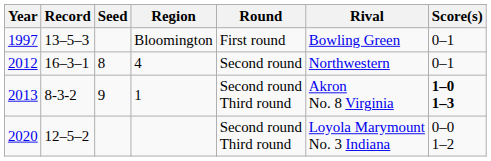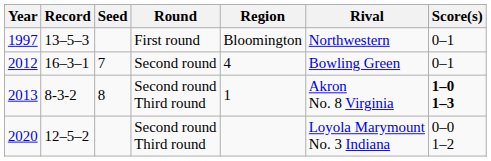 <table class="wikitable">
 <tr>
 <th width=px>Year</th>
 <th width=px>Record</th>
 <th width=px>Seed</th>
+<th width=px>Round</th>
 <th width=px>Region</th>
-<th width=px>Round</th>
 <th width=px>Rival</th>
 <th width=px>Score(s)</th>
 </tr>
 <tr>
 <td><a href='#'>1997</a></td>
 <td>13–5–3</td>
 <td></td>
+<td>First round</td>
 <td>Bloomington</td>
-<td>First round</td>
-<td><a href='#'>Bowling Green</a></td>
+<td><a href='#'>Northwestern</a></td>
 <td>0–1</td>
 </tr>
 <tr>
 <td><a href='#'>2012</a></td>
 <td>16–3–1</td>
-<td>8</td>
+<td>7</td>
+<td>Second round</td>
 <td>4</td>
-<td>Second round</td>
-<td><a href='#'>Northwestern</a></td>
+<td><a href='#'>Bowling Green</a></td>
 <td>0–1</td>
 </tr>
 <tr>
 <td><a href='#'>2013</a></td>
 <td>8-3-2</td>
-<td>9</td>
+<td>8</td>
+<td>Second round<br>Third round</td>
 <td>1</td>
-<td>Second round<br>Third round</td>
 <td><a href='#'>Akron</a><br>No. 8 <a href='#'>Virginia</a></td>
 <td><strong>1–0 <br> 1–3</strong></td>
 </tr>
 <tr>
 <td><a href='#'>2020</a></td>
 <td>12–5–2</td>
 <td></td>
+<td>Second round<br>Third round</td>
 <td></td>
-<td>Second round<br>Third round</td>
 <td><a href='#'>Loyola Marymount</a><br>No. 3 <a href='#'>Indiana</a></td>
 <td>0–0 <br>1–2</td>
 </tr>
 </table>
